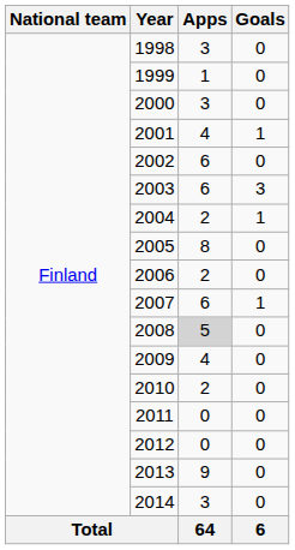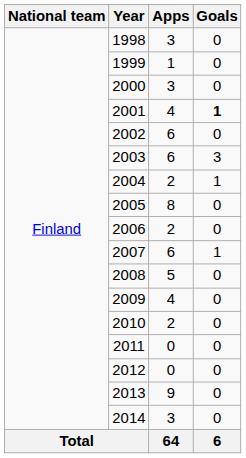 <table class="wikitable" style="text-align:center">
 <tr>
 <th>National team</th>
 <th>Year</th>
 <th>Apps</th>
 <th>Goals</th>
 </tr>
 <tr>
 <td rowspan="17"><a href='#'>Finland</a></td>
 <td>1998</td>
 <td>3</td>
 <td>0</td>
 </tr>
 <tr>
 <td>1999</td>
 <td>1</td>
 <td>0</td>
 </tr>
 <tr>
 <td>2000</td>
 <td>3</td>
 <td>0</td>
 </tr>
 <tr>
 <td>2001</td>
 <td>4</td>
-<td>1</td>
+<td><strong>1</strong></td>
 </tr>
 <tr>
 <td>2002</td>
 <td>6</td>
 <td>0</td>
 </tr>
 <tr>
 <td>2003</td>
 <td>6</td>
 <td>3</td>
 </tr>
 <tr>
 <td>2004</td>
 <td>2</td>
 <td>1</td>
 </tr>
 <tr>
 <td>2005</td>
 <td>8</td>
 <td>0</td>
 </tr>
 <tr>
 <td>2006</td>
 <td>2</td>
 <td>0</td>
 </tr>
 <tr>
 <td>2007</td>
 <td>6</td>
 <td>1</td>
 </tr>
 <tr>
 <td>2008</td>
-<td style="background: lightgrey;">5</td>
+<td>5</td>
 <td>0</td>
 </tr>
 <tr>
 <td>2009</td>
 <td>4</td>
 <td>0</td>
 </tr>
 <tr>
 <td>2010</td>
 <td>2</td>
 <td>0</td>
 </tr>
 <tr>
 <td>2011</td>
 <td>0</td>
 <td>0</td>
 </tr>
 <tr>
 <td>2012</td>
 <td>0</td>
 <td>0</td>
 </tr>
 <tr>
 <td>2013</td>
 <td>9</td>
 <td>0</td>
 </tr>
 <tr>
 <td>2014</td>
 <td>3</td>
 <td>0</td>
 </tr>
 <tr>
 <th colspan="2">Total</th>
 <th>64</th>
 <th>6</th>
 </tr>
 </table>
